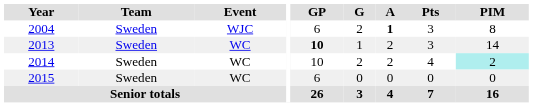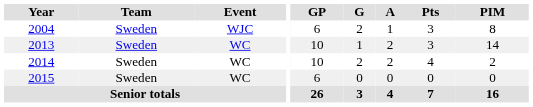 <table border="0" cellpadding="1" cellspacing="0" ID="Table3" style="text-align:center; width:40em">
 <tr ALIGN="center" bgcolor="#e0e0e0">
 <th>Year</th>
 <th>Team</th>
 <th>Event</th>
 <th rowspan="99" bgcolor="#ffffff"></th>
 <th>GP</th>
 <th>G</th>
 <th>A</th>
 <th>Pts</th>
 <th>PIM</th>
 </tr>
 <tr>
 <td><a href='#'>2004</a></td>
 <td><a href='#'>Sweden</a></td>
 <td><a href='#'>WJC</a></td>
 <td>6</td>
 <td>2</td>
-<td><strong>1</strong></td>
+<td>1</td>
 <td>3</td>
 <td>8</td>
 </tr>
 <tr bgcolor="#f0f0f0">
 <td><a href='#'>2013</a></td>
 <td><a href='#'>Sweden</a></td>
 <td><a href='#'>WC</a></td>
-<td><strong>10</strong></td>
+<td>10</td>
 <td>1</td>
 <td>2</td>
 <td>3</td>
 <td>14</td>
 </tr>
 <tr>
 <td><a href='#'>2014</a></td>
 <td>Sweden</td>
 <td>WC</td>
 <td>10</td>
 <td>2</td>
 <td>2</td>
 <td>4</td>
-<td style="background: paleturquoise;">2</td>
+<td>2</td>
 </tr>
 <tr bgcolor="#f0f0f0">
 <td><a href='#'>2015</a></td>
 <td>Sweden</td>
 <td>WC</td>
 <td>6</td>
 <td>0</td>
 <td>0</td>
 <td>0</td>
 <td>0</td>
 </tr>
 <tr bgcolor="#e0e0e0">
 <th colspan="3">Senior totals</th>
 <th>26</th>
 <th>3</th>
 <th>4</th>
 <th>7</th>
 <th>16</th>
 </tr>
 </table>
